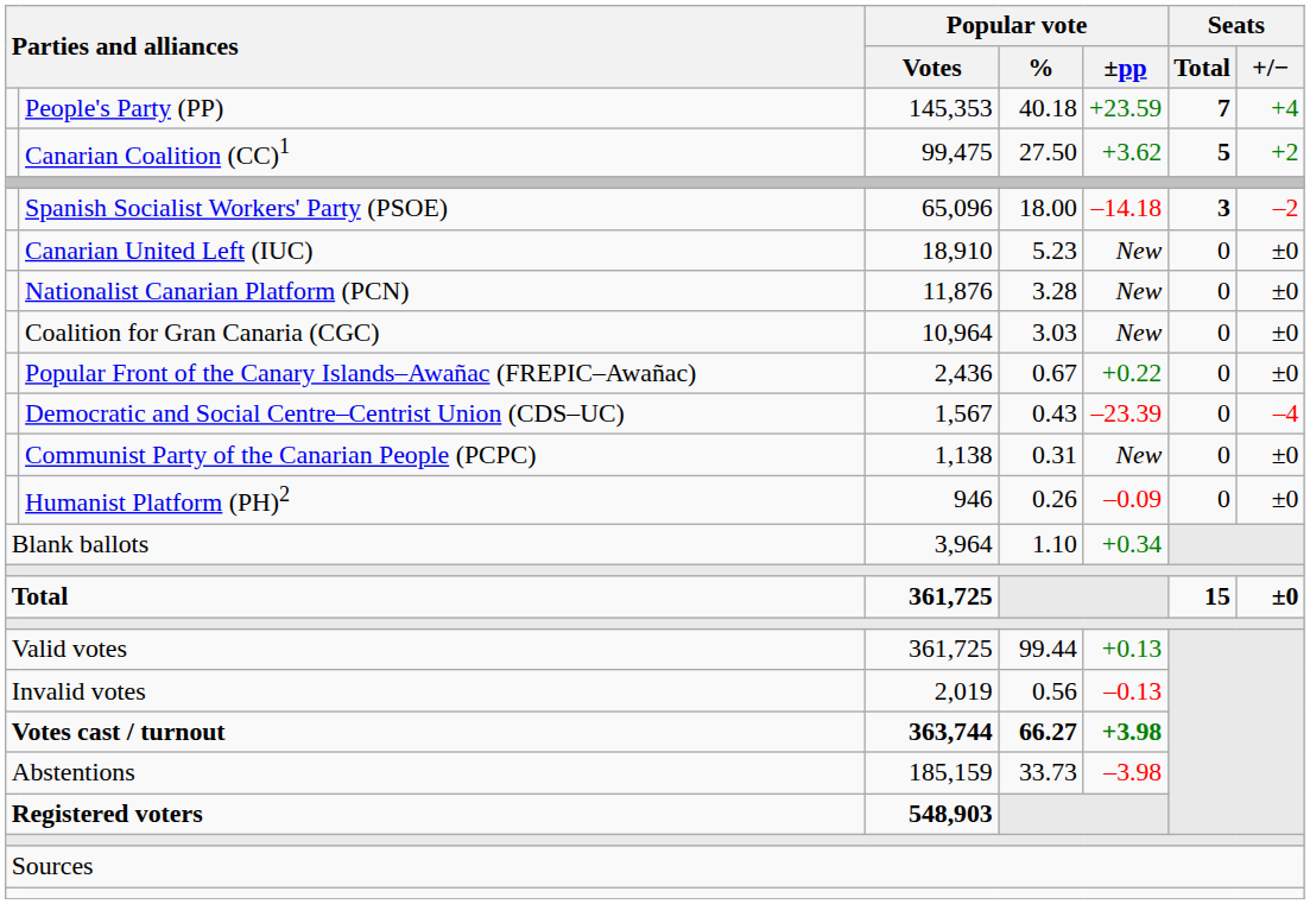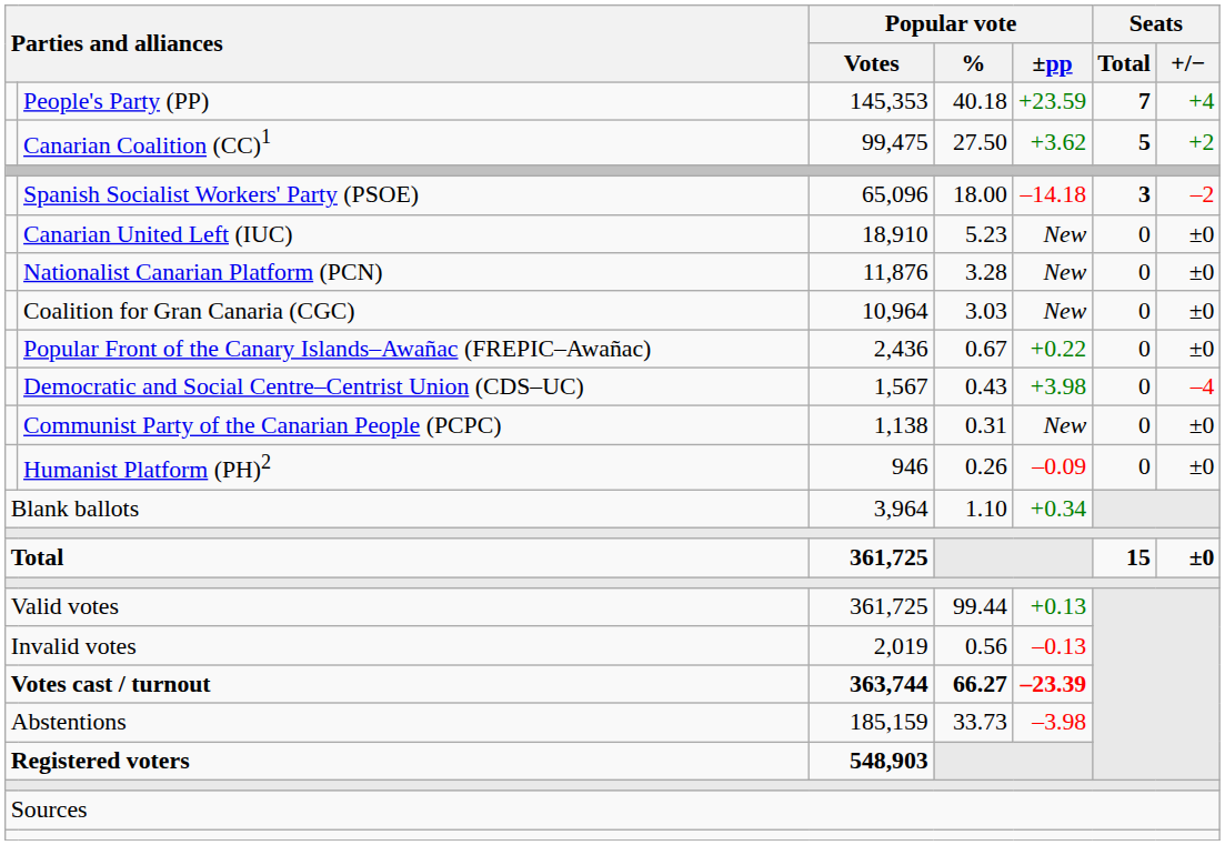 <table class="wikitable" style="text-align:right;">
 <tr>
 <th style="text-align:left;" rowspan="2" colspan="2" width="525">Parties and alliances</th>
 <th colspan="3">Popular vote</th>
 <th colspan="2">Seats</th>
 </tr>
 <tr>
 <th width="75">Votes</th>
 <th width="45">%</th>
 <th width="45">±<a href='#'>pp</a></th>
 <th width="35">Total</th>
 <th width="35">+/−</th>
 </tr>
 <tr>
 <td width="1" style="color:inherit;background:"></td>
 <td align="left"><a href='#'>People's Party</a> (PP)</td>
 <td>145,353</td>
 <td>40.18</td>
 <td style="color:green;">+23.59</td>
 <td><strong>7</strong></td>
 <td style="color:green;">+4</td>
 </tr>
 <tr>
 <td style="color:inherit;background:"></td>
 <td align="left"><a href='#'>Canarian Coalition</a> (CC)<sup>1</sup></td>
 <td>99,475</td>
 <td>27.50</td>
 <td style="color:green;">+3.62</td>
 <td><strong>5</strong></td>
 <td style="color:green;">+2</td>
 </tr>
 <tr>
 <td colspan="7" bgcolor="#C0C0C0"></td>
 </tr>
 <tr>
 <td style="color:inherit;background:"></td>
 <td align="left"><a href='#'>Spanish Socialist Workers' Party</a> (PSOE)</td>
 <td>65,096</td>
 <td>18.00</td>
 <td style="color:red;">–14.18</td>
 <td><strong>3</strong></td>
 <td style="color:red;">–2</td>
 </tr>
 <tr>
 <td style="color:inherit;background:"></td>
 <td align="left"><a href='#'>Canarian United Left</a> (IUC)</td>
 <td>18,910</td>
 <td>5.23</td>
 <td><em>New</em></td>
 <td>0</td>
 <td>±0</td>
 </tr>
 <tr>
 <td style="color:inherit;background:"></td>
 <td align="left"><a href='#'>Nationalist Canarian Platform</a> (PCN)</td>
 <td>11,876</td>
 <td>3.28</td>
 <td><em>New</em></td>
 <td>0</td>
 <td>±0</td>
 </tr>
 <tr>
 <td style="color:inherit;background:"></td>
 <td align="left">Coalition for Gran Canaria (CGC)</td>
 <td>10,964</td>
 <td>3.03</td>
 <td><em>New</em></td>
 <td>0</td>
 <td>±0</td>
 </tr>
 <tr>
 <td style="color:inherit;background:"></td>
 <td align="left"><a href='#'>Popular Front of the Canary Islands–Awañac</a> (FREPIC–Awañac)</td>
 <td>2,436</td>
 <td>0.67</td>
 <td style="color:green;">+0.22</td>
 <td>0</td>
 <td>±0</td>
 </tr>
 <tr>
 <td style="color:inherit;background:"></td>
 <td align="left"><a href='#'>Democratic and Social Centre–Centrist Union</a> (CDS–UC)</td>
 <td>1,567</td>
 <td>0.43</td>
-<td style="color:red;">–23.39</td>
+<td style="color:green;">+3.98</td>
 <td>0</td>
 <td style="color:red;">–4</td>
 </tr>
 <tr>
 <td style="color:inherit;background:"></td>
 <td align="left"><a href='#'>Communist Party of the Canarian People</a> (PCPC)</td>
 <td>1,138</td>
 <td>0.31</td>
 <td><em>New</em></td>
 <td>0</td>
 <td>±0</td>
 </tr>
 <tr>
 <td style="color:inherit;background:"></td>
 <td align="left"><a href='#'>Humanist Platform</a> (PH)<sup>2</sup></td>
 <td>946</td>
 <td>0.26</td>
 <td style="color:red;">–0.09</td>
 <td>0</td>
 <td>±0</td>
 </tr>
 <tr>
 <td align="left" colspan="2">Blank ballots</td>
 <td>3,964</td>
 <td>1.10</td>
 <td style="color:green;">+0.34</td>
 <td bgcolor="#E9E9E9" colspan="2"></td>
 </tr>
 <tr>
 <td colspan="7" bgcolor="#E9E9E9"></td>
 </tr>
 <tr style="font-weight:bold;">
 <td align="left" colspan="2">Total</td>
 <td>361,725</td>
 <td bgcolor="#E9E9E9" colspan="2"></td>
 <td>15</td>
 <td>±0</td>
 </tr>
 <tr>
 <td colspan="7" bgcolor="#E9E9E9"></td>
 </tr>
 <tr>
 <td align="left" colspan="2">Valid votes</td>
 <td>361,725</td>
 <td>99.44</td>
 <td style="color:green;">+0.13</td>
 <td bgcolor="#E9E9E9" colspan="2" rowspan="5"></td>
 </tr>
 <tr>
 <td align="left" colspan="2">Invalid votes</td>
 <td>2,019</td>
 <td>0.56</td>
 <td style="color:red;">–0.13</td>
 </tr>
 <tr style="font-weight:bold;">
 <td align="left" colspan="2">Votes cast / turnout</td>
 <td>363,744</td>
 <td>66.27</td>
-<td style="color:green;">+3.98</td>
+<td style="color:red;">–23.39</td>
 </tr>
 <tr>
 <td align="left" colspan="2">Abstentions</td>
 <td>185,159</td>
 <td>33.73</td>
 <td style="color:red;">–3.98</td>
 </tr>
 <tr style="font-weight:bold;">
 <td align="left" colspan="2">Registered voters</td>
 <td>548,903</td>
 <td bgcolor="#E9E9E9" colspan="2"></td>
 </tr>
 <tr>
 <td colspan="7" bgcolor="#E9E9E9"></td>
 </tr>
 <tr>
 <td align="left" colspan="7">Sources</td>
 </tr>
 <tr>
 <td colspan="7" style="text-align:left; max-width:790px;"></td>
 </tr>
 </table>
